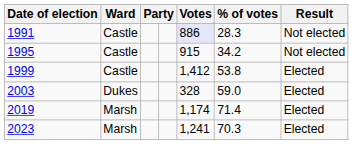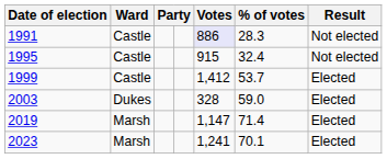 <table class="wikitable">
 <tr>
 <th>Date of election</th>
 <th>Ward</th>
 <th colspan="2">Party</th>
 <th>Votes</th>
 <th>% of votes</th>
 <th>Result</th>
 </tr>
 <tr>
 <td><a href='#'>1991</a></td>
 <td>Castle</td>
 <td style="background-color: "></td>
 <td><a href='#'></a></td>
 <td style="background: lavender;">886</td>
 <td>28.3</td>
 <td>Not elected</td>
 </tr>
 <tr>
 <td><a href='#'>1995</a></td>
 <td>Castle</td>
 <td style="background-color: "></td>
 <td><a href='#'></a></td>
 <td>915</td>
-<td>34.2</td>
+<td>32.4</td>
 <td>Not elected</td>
 </tr>
 <tr>
 <td><a href='#'>1999</a></td>
 <td>Castle</td>
 <td style="background-color: "></td>
 <td><a href='#'></a></td>
 <td>1,412</td>
-<td>53.8</td>
+<td>53.7</td>
 <td>Elected</td>
 </tr>
 <tr>
 <td><a href='#'>2003</a></td>
 <td>Dukes</td>
 <td style="background-color: "></td>
 <td><a href='#'></a></td>
 <td>328</td>
 <td>59.0</td>
 <td>Elected</td>
 </tr>
 <tr>
 <td><a href='#'>2019</a></td>
 <td>Marsh</td>
 <td style="background-color: "></td>
 <td><a href='#'></a></td>
-<td>1,174</td>
+<td>1,147</td>
 <td>71.4</td>
 <td>Elected</td>
 </tr>
 <tr>
 <td><a href='#'>2023</a></td>
 <td>Marsh</td>
 <td style="background-color: "></td>
 <td><a href='#'></a></td>
 <td>1,241</td>
-<td>70.3</td>
+<td>70.1</td>
 <td>Elected</td>
 </tr>
 </table>
